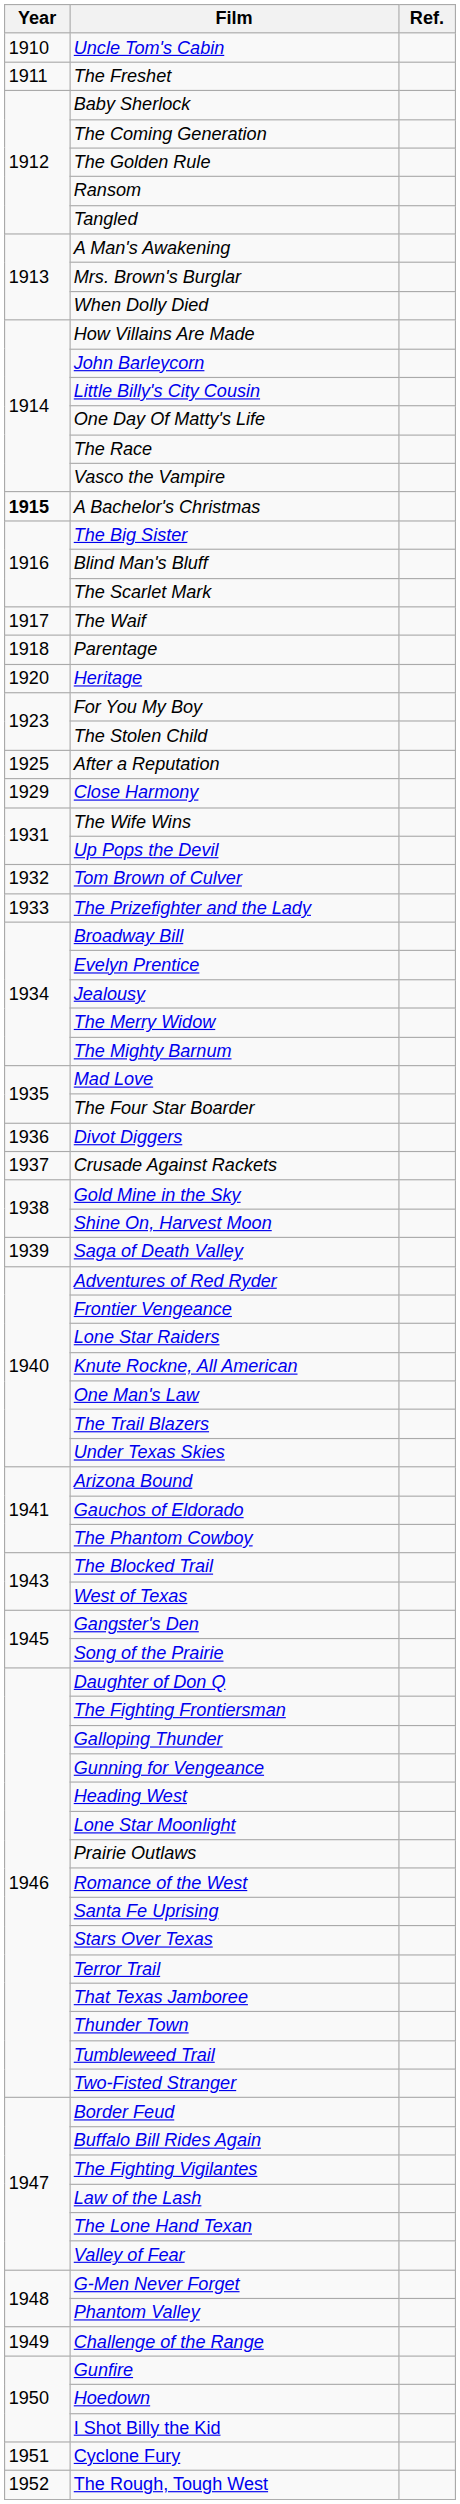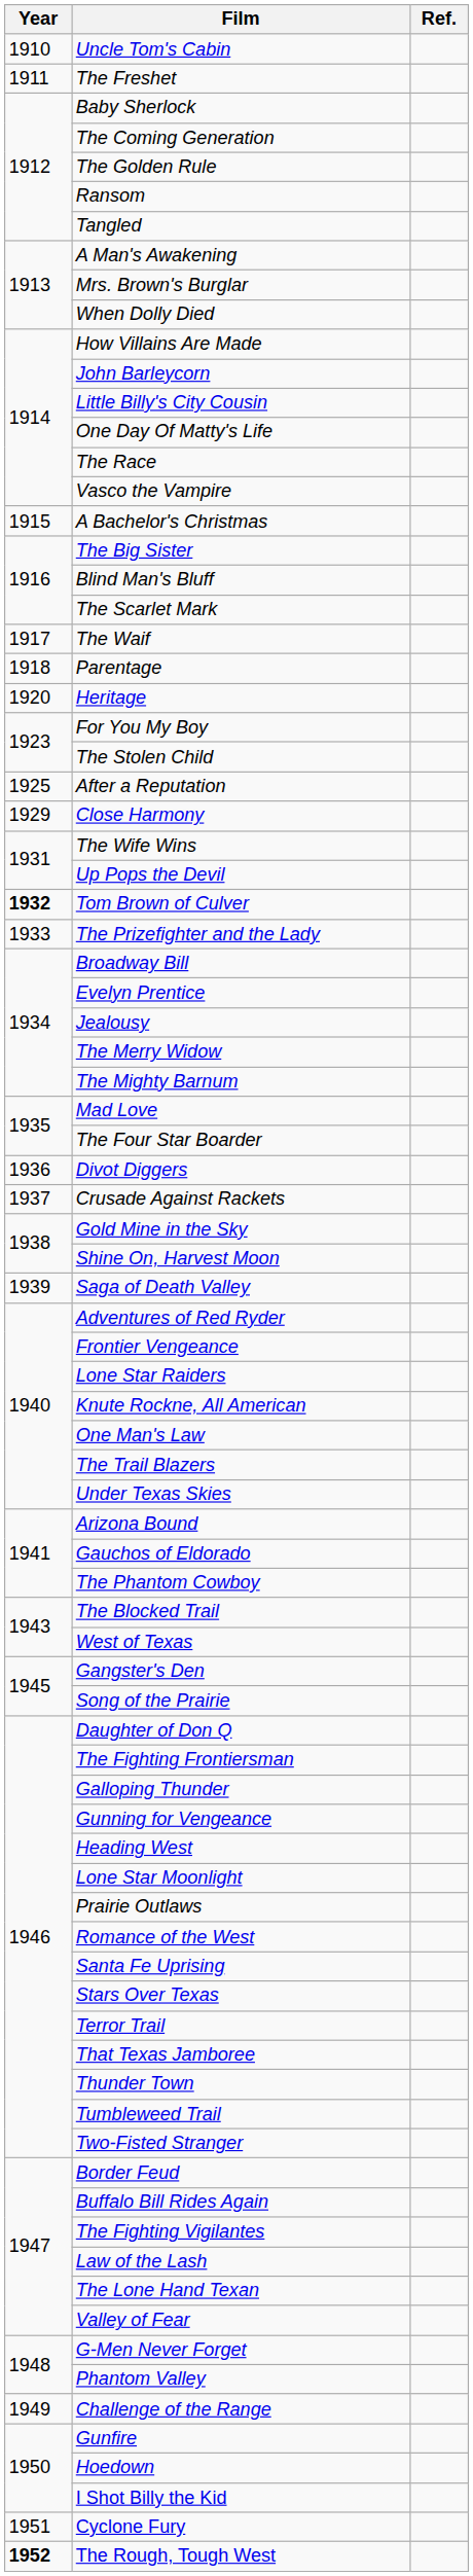 <table class=wikitable style=width:400px>
 <tr>
 <th>Year</th>
 <th>Film</th>
 <th>Ref.</th>
 </tr>
 <tr>
 <td>1910</td>
 <td><em><a href='#'>Uncle Tom's Cabin</a></em></td>
 <td style="text-align: center;"></td>
 </tr>
 <tr>
 <td>1911</td>
 <td><em>The Freshet</em></td>
 <td style="text-align: center;"></td>
 </tr>
 <tr>
 <td rowspan=5>1912</td>
 <td><em>Baby Sherlock</em></td>
 <td style="text-align: center;"></td>
 </tr>
 <tr>
 <td><em>The Coming Generation</em></td>
 <td style="text-align: center;"></td>
 </tr>
 <tr>
 <td><em>The Golden Rule</em></td>
 <td style="text-align: center;"></td>
 </tr>
 <tr>
 <td><em>Ransom</em></td>
 <td style="text-align: center;"></td>
 </tr>
 <tr>
 <td><em>Tangled</em></td>
 <td style="text-align: center;"></td>
 </tr>
 <tr>
 <td rowspan=3>1913</td>
 <td><em>A Man's Awakening</em></td>
 <td style="text-align: center;"></td>
 </tr>
 <tr>
 <td><em>Mrs. Brown's Burglar</em></td>
 <td style="text-align: center;"></td>
 </tr>
 <tr>
 <td><em>When Dolly Died</em></td>
 <td style="text-align: center;"></td>
 </tr>
 <tr>
 <td rowspan=6>1914</td>
 <td><em>How Villains Are Made</em></td>
 <td style="text-align: center;"></td>
 </tr>
 <tr>
 <td><em><a href='#'>John Barleycorn</a></em></td>
 <td style="text-align: center;"></td>
 </tr>
 <tr>
 <td><em><a href='#'>Little Billy's City Cousin</a></em></td>
 <td style="text-align: center;"></td>
 </tr>
 <tr>
 <td><em>One Day Of Matty's Life</em></td>
 <td style="text-align: center;"></td>
 </tr>
 <tr>
 <td><em>The Race</em></td>
 <td style="text-align: center;"></td>
 </tr>
 <tr>
 <td><em>Vasco the Vampire</em></td>
 <td style="text-align: center;"></td>
 </tr>
 <tr>
-<td><strong>1915</strong></td>
+<td>1915</td>
 <td><em>A Bachelor's Christmas</em></td>
 <td style="text-align: center;"></td>
 </tr>
 <tr>
 <td rowspan=3>1916</td>
 <td><em><a href='#'>The Big Sister</a></em></td>
 <td style="text-align: center;"></td>
 </tr>
 <tr>
 <td><em>Blind Man's Bluff</em></td>
 <td style="text-align: center;"></td>
 </tr>
 <tr>
 <td><em>The Scarlet Mark</em></td>
 <td style="text-align: center;"></td>
 </tr>
 <tr>
 <td>1917</td>
 <td><em>The Waif</em></td>
 <td style="text-align: center;"></td>
 </tr>
 <tr>
 <td>1918</td>
 <td><em>Parentage</em></td>
 <td style="text-align: center;"></td>
 </tr>
 <tr>
 <td>1920</td>
 <td><em><a href='#'>Heritage</a></em></td>
 <td style="text-align: center;"></td>
 </tr>
 <tr>
 <td rowspan=2>1923</td>
 <td><em>For You My Boy</em></td>
 <td style="text-align: center;"></td>
 </tr>
 <tr>
 <td><em>The Stolen Child</em></td>
 <td style="text-align: center;"></td>
 </tr>
 <tr>
 <td>1925</td>
 <td><em>After a Reputation</em></td>
 <td style="text-align: center;"></td>
 </tr>
 <tr>
 <td>1929</td>
 <td><em><a href='#'>Close Harmony</a></em></td>
 <td style="text-align: center;"></td>
 </tr>
 <tr>
 <td rowspan=2>1931</td>
 <td><em>The Wife Wins</em></td>
 <td style="text-align: center;"></td>
 </tr>
 <tr>
 <td><em><a href='#'>Up Pops the Devil</a></em></td>
 <td style="text-align: center;"></td>
 </tr>
 <tr>
-<td>1932</td>
+<td><strong>1932</strong></td>
 <td><em><a href='#'>Tom Brown of Culver</a></em></td>
 <td style="text-align: center;"></td>
 </tr>
 <tr>
 <td>1933</td>
 <td><em><a href='#'>The Prizefighter and the Lady</a></em></td>
 <td style="text-align: center;"></td>
 </tr>
 <tr>
 <td rowspan=5>1934</td>
 <td><em><a href='#'>Broadway Bill</a></em></td>
 <td style="text-align: center;"></td>
 </tr>
 <tr>
 <td><em><a href='#'>Evelyn Prentice</a></em></td>
 <td style="text-align: center;"></td>
 </tr>
 <tr>
 <td><em><a href='#'>Jealousy</a></em></td>
 <td style="text-align: center;"></td>
 </tr>
 <tr>
 <td><em><a href='#'>The Merry Widow</a></em></td>
 <td style="text-align: center;"></td>
 </tr>
 <tr>
 <td><em><a href='#'>The Mighty Barnum</a></em></td>
 <td style="text-align: center;"></td>
 </tr>
 <tr>
 <td rowspan=2>1935</td>
 <td><em><a href='#'>Mad Love</a></em></td>
 <td style="text-align: center;"></td>
 </tr>
 <tr>
 <td><em>The Four Star Boarder</em></td>
 <td style="text-align: center;"></td>
 </tr>
 <tr>
 <td>1936</td>
 <td><em><a href='#'>Divot Diggers</a></em></td>
 <td style="text-align: center;"></td>
 </tr>
 <tr>
 <td>1937</td>
 <td><em>Crusade Against Rackets</em></td>
 <td style="text-align: center;"></td>
 </tr>
 <tr>
 <td rowspan=2>1938</td>
 <td><em><a href='#'>Gold Mine in the Sky</a></em></td>
 <td style="text-align: center;"></td>
 </tr>
 <tr>
 <td><em><a href='#'>Shine On, Harvest Moon</a></em></td>
 <td style="text-align: center;"></td>
 </tr>
 <tr>
 <td>1939</td>
 <td><em><a href='#'>Saga of Death Valley</a></em></td>
 <td style="text-align: center;"></td>
 </tr>
 <tr>
 <td rowspan=7>1940</td>
 <td><em><a href='#'>Adventures of Red Ryder</a></em></td>
 <td style="text-align: center;"></td>
 </tr>
 <tr>
 <td><em><a href='#'>Frontier Vengeance</a></em></td>
 <td style="text-align: center;"></td>
 </tr>
 <tr>
 <td><em><a href='#'>Lone Star Raiders</a></em></td>
 <td style="text-align: center;"></td>
 </tr>
 <tr>
 <td><em><a href='#'>Knute Rockne, All American</a></em></td>
 <td style="text-align: center;"></td>
 </tr>
 <tr>
 <td><em><a href='#'>One Man's Law</a></em></td>
 <td style="text-align: center;"></td>
 </tr>
 <tr>
 <td><em><a href='#'>The Trail Blazers</a></em></td>
 <td style="text-align: center;"></td>
 </tr>
 <tr>
 <td><em><a href='#'>Under Texas Skies</a></em></td>
 <td style="text-align: center;"></td>
 </tr>
 <tr>
 <td rowspan=3>1941</td>
 <td><em><a href='#'>Arizona Bound</a></em></td>
 <td style="text-align: center;"></td>
 </tr>
 <tr>
 <td><em><a href='#'>Gauchos of Eldorado</a></em></td>
 <td style="text-align: center;"></td>
 </tr>
 <tr>
 <td><em><a href='#'>The Phantom Cowboy</a></em></td>
 <td style="text-align: center;"></td>
 </tr>
 <tr>
 <td rowspan=2>1943</td>
 <td><em><a href='#'>The Blocked Trail</a></em></td>
 <td style="text-align: center;"></td>
 </tr>
 <tr>
 <td><em><a href='#'>West of Texas</a></em></td>
 <td style="text-align: center;"></td>
 </tr>
 <tr>
 <td rowspan=2>1945</td>
 <td><em><a href='#'>Gangster's Den</a></em></td>
 <td style="text-align: center;"></td>
 </tr>
 <tr>
 <td><em><a href='#'>Song of the Prairie</a></em></td>
 <td style="text-align: center;"></td>
 </tr>
 <tr>
 <td rowspan=15>1946</td>
 <td><em><a href='#'>Daughter of Don Q</a></em></td>
 <td style="text-align: center;"></td>
 </tr>
 <tr>
 <td><em><a href='#'>The Fighting Frontiersman</a></em></td>
 <td style="text-align: center;"></td>
 </tr>
 <tr>
 <td><em><a href='#'>Galloping Thunder</a></em></td>
 <td style="text-align: center;"></td>
 </tr>
 <tr>
 <td><em><a href='#'>Gunning for Vengeance</a></em></td>
 <td style="text-align: center;"></td>
 </tr>
 <tr>
 <td><em><a href='#'>Heading West</a></em></td>
 <td style="text-align: center;"></td>
 </tr>
 <tr>
 <td><em><a href='#'>Lone Star Moonlight</a></em></td>
 <td style="text-align: center;"></td>
 </tr>
 <tr>
 <td><em>Prairie Outlaws</em></td>
 <td style="text-align: center;"></td>
 </tr>
 <tr>
 <td><em><a href='#'>Romance of the West</a></em></td>
 <td style="text-align: center;"></td>
 </tr>
 <tr>
 <td><em><a href='#'>Santa Fe Uprising</a></em></td>
 <td style="text-align: center;"></td>
 </tr>
 <tr>
 <td><em><a href='#'>Stars Over Texas</a></em></td>
 <td style="text-align: center;"></td>
 </tr>
 <tr>
 <td><em><a href='#'>Terror Trail</a></em></td>
 <td style="text-align: center;"></td>
 </tr>
 <tr>
 <td><em><a href='#'>That Texas Jamboree</a></em></td>
 <td style="text-align: center;"></td>
 </tr>
 <tr>
 <td><em><a href='#'>Thunder Town</a></em></td>
 <td style="text-align: center;"></td>
 </tr>
 <tr>
 <td><em><a href='#'>Tumbleweed Trail</a></em></td>
 <td style="text-align: center;"></td>
 </tr>
 <tr>
 <td><em><a href='#'>Two-Fisted Stranger</a></em></td>
 <td style="text-align: center;"></td>
 </tr>
 <tr>
 <td rowspan=6>1947</td>
 <td><em><a href='#'>Border Feud</a></em></td>
 <td style="text-align: center;"></td>
 </tr>
 <tr>
 <td><em><a href='#'>Buffalo Bill Rides Again</a></em></td>
 <td style="text-align: center;"></td>
 </tr>
 <tr>
 <td><em><a href='#'>The Fighting Vigilantes</a></em></td>
 <td style="text-align: center;"></td>
 </tr>
 <tr>
 <td><em><a href='#'>Law of the Lash</a></em></td>
 <td style="text-align: center;"></td>
 </tr>
 <tr>
 <td><em><a href='#'>The Lone Hand Texan</a></em></td>
 <td style="text-align: center;"></td>
 </tr>
 <tr>
 <td><em><a href='#'>Valley of Fear</a></em></td>
 <td style="text-align: center;"></td>
 </tr>
 <tr>
 <td rowspan=2>1948</td>
 <td><em><a href='#'>G-Men Never Forget</a></em></td>
 <td style="text-align: center;"></td>
 </tr>
 <tr>
 <td><em><a href='#'>Phantom Valley</a></em></td>
 <td style="text-align: center;"></td>
 </tr>
 <tr>
 <td>1949</td>
 <td><em><a href='#'>Challenge of the Range</a></em></td>
 <td style="text-align: center;"></td>
 </tr>
 <tr>
 <td rowspan=3>1950</td>
 <td><em><a href='#'>Gunfire</a></em></td>
 <td style="text-align: center;"></td>
 </tr>
 <tr>
 <td><em><a href='#'>Hoedown</a></td>
 <td style="text-align: center;"></td>
 </tr>
 <tr>
 <td></em><a href='#'>I Shot Billy the Kid</a><em></td>
 <td style="text-align: center;"></td>
 </tr>
 <tr>
 <td>1951</td>
 <td></em><a href='#'>Cyclone Fury</a><em></td>
 <td style="text-align: center;"></td>
 </tr>
 <tr>
-<td>1952</td>
+<td><strong>1952</strong></td>
 <td></em><a href='#'>The Rough, Tough West</a><em></td>
 <td style="text-align: center;"></td>
 </tr>
 </table>
